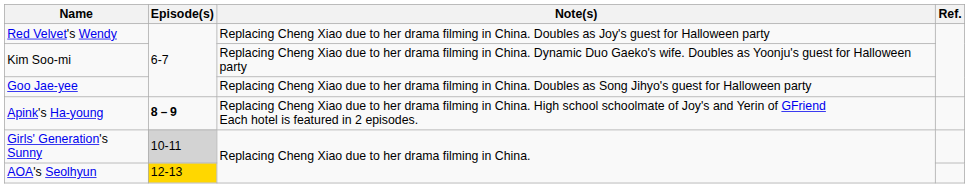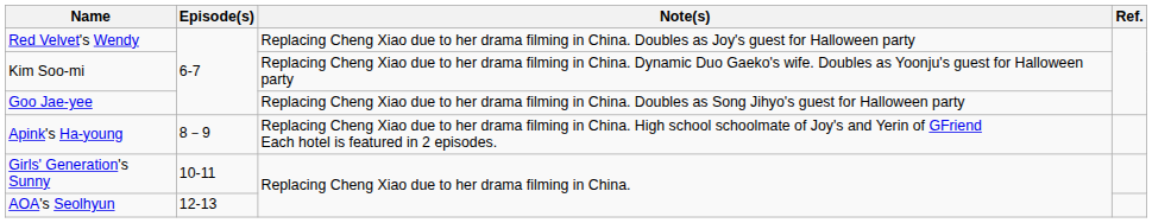 <table class="wikitable">
 <tr>
 <th>Name</th>
 <th>Episode(s)</th>
 <th>Note(s)</th>
 <th>Ref.</th>
 </tr>
 <tr>
 <td><a href='#'>Red Velvet</a>'s <a href='#'>Wendy</a></td>
 <td rowspan="3">6-7</td>
 <td>Replacing Cheng Xiao due to her drama filming in China. Doubles as Joy's guest for Halloween party</td>
 <td rowspan="3"></td>
 </tr>
 <tr>
 <td>Kim Soo-mi</td>
 <td>Replacing Cheng Xiao due to her drama filming in China. Dynamic Duo Gaeko's wife. Doubles as Yoonju's guest for Halloween party</td>
 </tr>
 <tr>
 <td><a href='#'>Goo Jae-yee</a></td>
 <td>Replacing Cheng Xiao due to her drama filming in China. Doubles as Song Jihyo's guest for Halloween party</td>
 </tr>
 <tr>
 <td><a href='#'>Apink</a>'s <a href='#'>Ha-young</a></td>
-<td><strong>8－9</strong></td>
+<td>8－9</td>
 <td>Replacing Cheng Xiao due to her drama filming in China. High school schoolmate of Joy's and Yerin of <a href='#'>GFriend</a><br>Each hotel is featured in 2 episodes.</td>
 <td></td>
 </tr>
 <tr>
 <td><a href='#'>Girls' Generation</a>'s <a href='#'>Sunny</a></td>
-<td style="background: lightgrey;">10-11</td>
+<td>10-11</td>
 <td rowspan="2">Replacing Cheng Xiao due to her drama filming in China.</td>
 <td></td>
 </tr>
 <tr>
 <td><a href='#'>AOA</a>'s <a href='#'>Seolhyun</a></td>
-<td style="background: gold;">12-13</td>
+<td>12-13</td>
 <td></td>
 </tr>
 </table>
